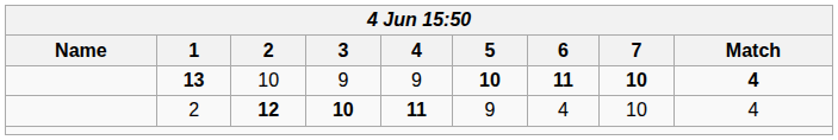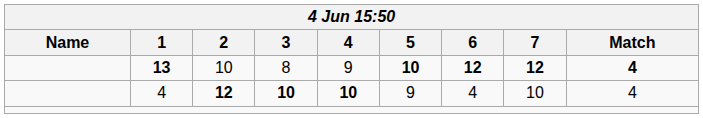 <table class=wikitable style="text-align:center; width: 55%">
 <tr>
 <th colspan=17><em> 4 Jun 15:50</em></th>
 </tr>
 <tr>
 <th>Name</th>
 <th>1</th>
 <th>2</th>
 <th>3</th>
 <th>4</th>
 <th>5</th>
 <th>6</th>
 <th>7</th>
 <th>Match</th>
 </tr>
 <tr>
 <td style="text-align:left;"><strong></strong></td>
 <td><strong>13</strong></td>
 <td>10</td>
-<td>9</td>
+<td>8</td>
 <td>9</td>
 <td><strong>10</strong></td>
-<td><strong>11</strong></td>
-<td><strong>10</strong></td>
+<td><strong>12</strong></td>
+<td><strong>12</strong></td>
 <td><strong>4</strong></td>
 </tr>
 <tr>
 <td style="text-align:left;"></td>
-<td>2</td>
+<td>4</td>
 <td><strong>12</strong></td>
 <td><strong>10</strong></td>
-<td><strong>11</strong></td>
+<td><strong>10</strong></td>
 <td>9</td>
 <td>4</td>
 <td>10</td>
 <td>4</td>
 </tr>
 <tr>
 <td colspan=17></td>
 </tr>
 </table>
